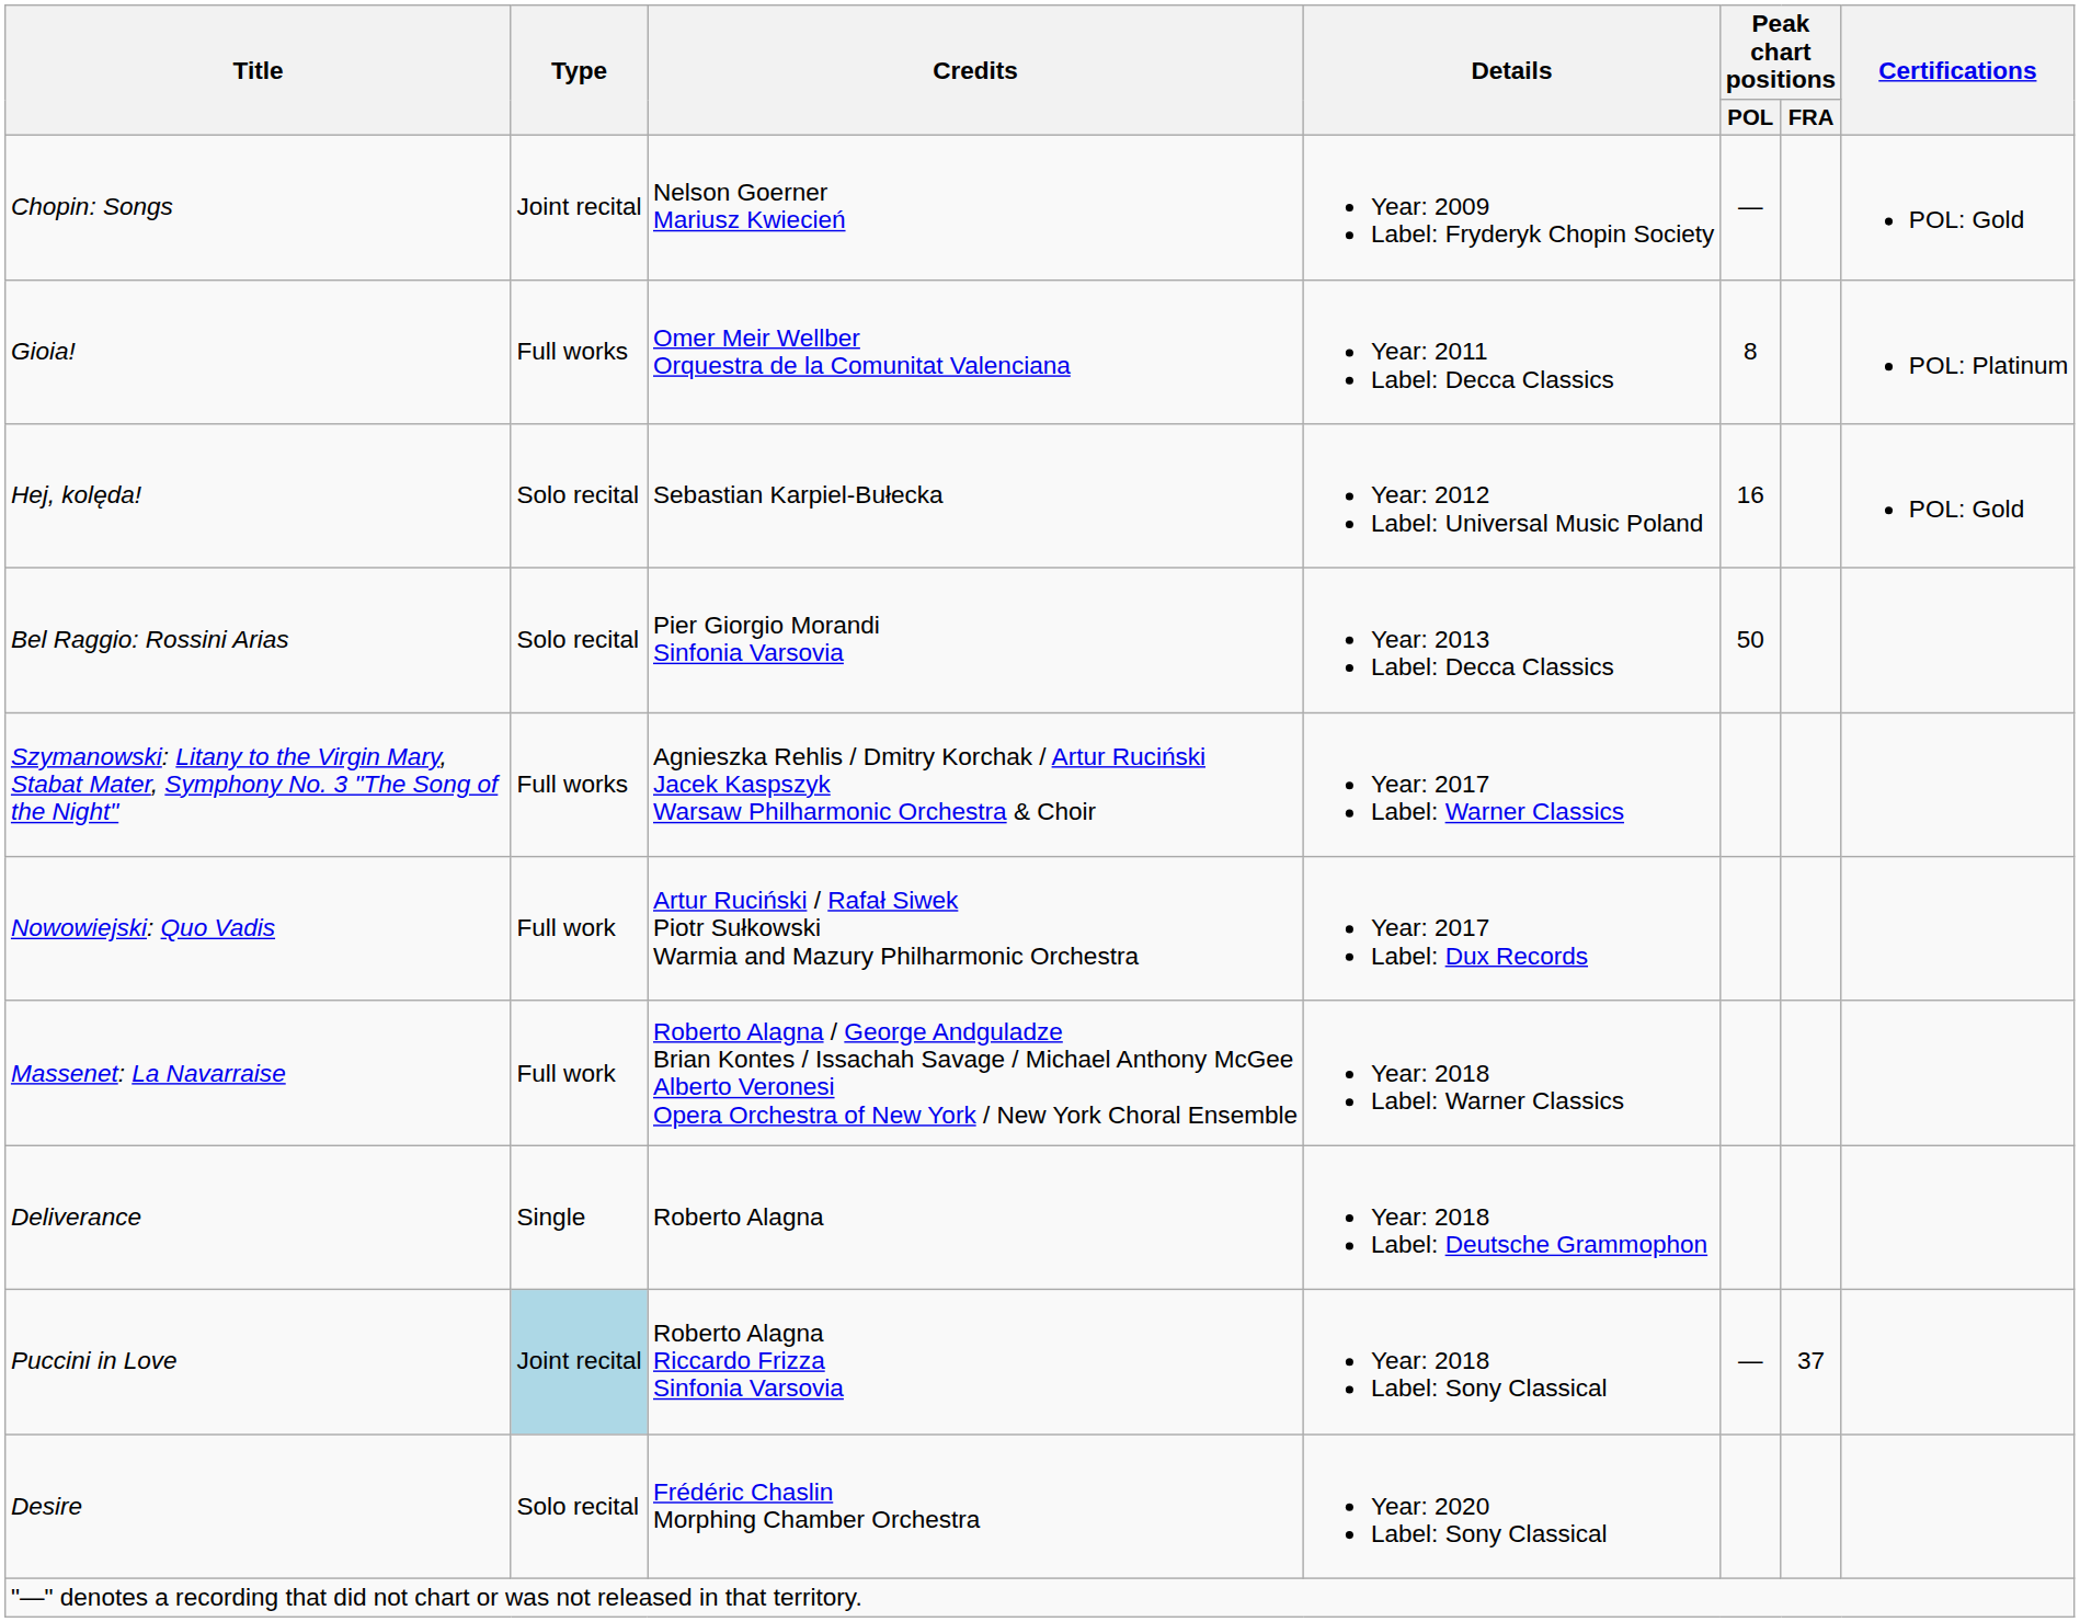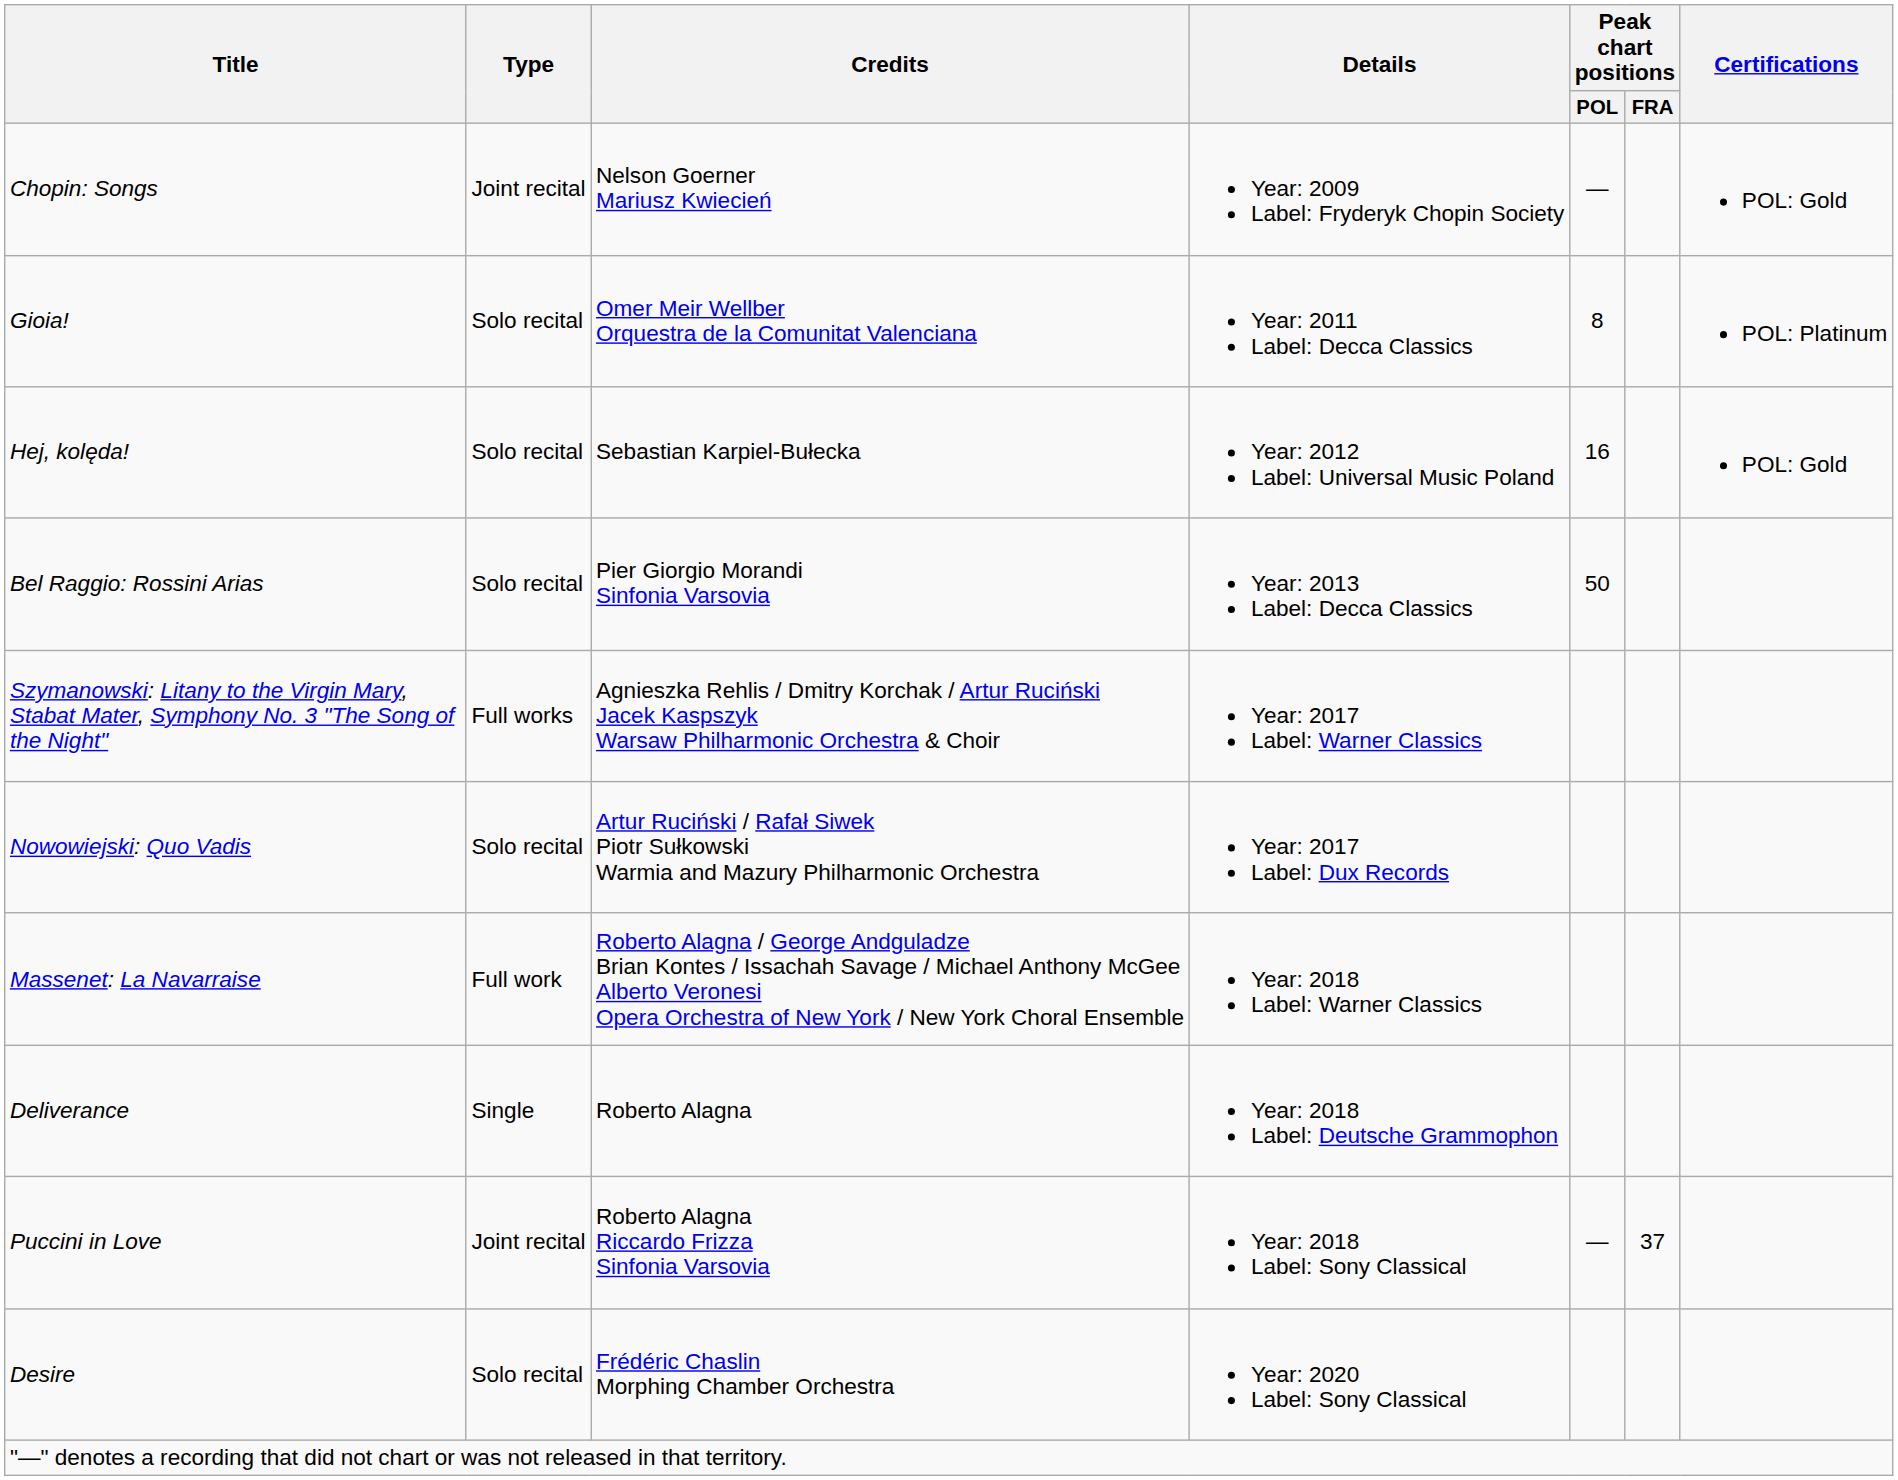 <table class="wikitable plainrowheaders">
 <tr>
 <th scope="col" rowspan="2" style="width:20em">Title</th>
 <th scope="col" rowspan="2">Type</th>
 <th scope="col" rowspan="2">Credits</th>
 <th scope="col" rowspan="2">Details</th>
 <th scope="col" colspan="2">Peak chart positions</th>
 <th scope="col" rowspan="2"><a href='#'>Certifications</a></th>
 </tr>
 <tr>
 <th scope="col" style="width:2.2em;font-size:90%;">POL</th>
 <th scope="col" style="width:2.2em;font-size:90%;">FRA</th>
 </tr>
 <tr>
 <td><em>Chopin: Songs</em></td>
 <td>Joint recital</td>
 <td>Nelson Goerner<br><a href='#'>Mariusz Kwiecień</a></td>
 <td><br><ul><li>Year: 2009</li><li>Label: Fryderyk Chopin Society</li></ul></td>
 <td style="text-align: center">—</td>
 <td style="text-align: center"></td>
 <td><br><ul><li>POL: Gold</li></ul></td>
 </tr>
 <tr>
 <td><em>Gioia!</em></td>
-<td>Full works</td>
+<td>Solo recital</td>
 <td><a href='#'>Omer Meir Wellber</a><br><a href='#'>Orquestra de la Comunitat Valenciana</a></td>
 <td><br><ul><li>Year: 2011</li><li>Label: Decca Classics</li></ul></td>
 <td style="text-align: center">8</td>
 <td style="text-align: center"></td>
 <td><br><ul><li>POL: Platinum</li></ul></td>
 </tr>
 <tr>
 <td><em>Hej, kolęda!</em></td>
 <td>Solo recital</td>
 <td>Sebastian Karpiel-Bułecka</td>
 <td><br><ul><li>Year: 2012</li><li>Label: Universal Music Poland</li></ul></td>
 <td style="text-align: center">16</td>
 <td style="text-align: center"></td>
 <td><br><ul><li>POL: Gold</li></ul></td>
 </tr>
 <tr>
 <td><em>Bel Raggio: Rossini Arias</em></td>
 <td>Solo recital</td>
 <td>Pier Giorgio Morandi<br><a href='#'>Sinfonia Varsovia</a></td>
 <td><br><ul><li>Year: 2013</li><li>Label: Decca Classics</li></ul></td>
 <td style="text-align: center">50</td>
 <td style="text-align: center"></td>
 <td></td>
 </tr>
 <tr>
 <td><em><a href='#'>Szymanowski</a>: <a href='#'>Litany to the Virgin Mary</a>, <a href='#'>Stabat Mater</a>, <a href='#'>Symphony No. 3 "The Song of the Night"</a></em></td>
 <td>Full works</td>
 <td>Agnieszka Rehlis / Dmitry Korchak / <a href='#'>Artur Ruciński</a><br><a href='#'>Jacek Kaspszyk</a><br><a href='#'>Warsaw Philharmonic Orchestra</a> & Choir</td>
 <td><br><ul><li>Year: 2017</li><li>Label: <a href='#'>Warner Classics</a></li></ul></td>
 <td style="text-align: center"></td>
 <td style="text-align: center"></td>
 <td></td>
 </tr>
 <tr>
 <td><em><a href='#'>Nowowiejski</a>: <a href='#'>Quo Vadis</a></em></td>
-<td>Full work</td>
+<td>Solo recital</td>
 <td><a href='#'>Artur Ruciński</a> / <a href='#'>Rafał Siwek</a><br>Piotr Sułkowski<br>Warmia and Mazury Philharmonic Orchestra</td>
 <td><br><ul><li>Year: 2017</li><li>Label: <a href='#'>Dux Records</a></li></ul></td>
 <td style="text-align: center"></td>
 <td style="text-align: center"></td>
 <td></td>
 </tr>
 <tr>
 <td><em><a href='#'>Massenet</a>: <a href='#'>La Navarraise</a></em></td>
 <td>Full work</td>
 <td><a href='#'>Roberto Alagna</a> / <a href='#'>George Andguladze</a><br>Brian Kontes / Issachah Savage / Michael Anthony McGee<br><a href='#'>Alberto Veronesi</a><br><a href='#'>Opera Orchestra of New York</a> / New York Choral Ensemble</td>
 <td><br><ul><li>Year: 2018</li><li>Label: Warner Classics</li></ul></td>
 <td style="text-align: center"></td>
 <td style="text-align: center"></td>
 <td></td>
 </tr>
 <tr>
 <td><em>Deliverance</em></td>
 <td>Single</td>
 <td>Roberto Alagna</td>
 <td><br><ul><li>Year: 2018</li><li>Label: <a href='#'>Deutsche Grammophon</a></li></ul></td>
 <td style="text-align: center"></td>
 <td style="text-align: center"></td>
 <td></td>
 </tr>
 <tr>
 <td><em>Puccini in Love</em></td>
-<td style="background: lightblue;">Joint recital</td>
+<td>Joint recital</td>
 <td>Roberto Alagna<br><a href='#'>Riccardo Frizza</a><br><a href='#'>Sinfonia Varsovia</a></td>
 <td><br><ul><li>Year: 2018</li><li>Label: Sony Classical</li></ul></td>
 <td style="text-align: center">—</td>
 <td style="text-align: center">37</td>
 <td></td>
 </tr>
 <tr>
 <td><em>Desire</em></td>
 <td>Solo recital</td>
 <td><a href='#'>Frédéric Chaslin</a><br>Morphing Chamber Orchestra</td>
 <td><br><ul><li>Year: 2020</li><li>Label: Sony Classical</li></ul></td>
 <td style="text-align: center"></td>
 <td style="text-align: center"></td>
 <td></td>
 </tr>
 <tr>
 <td colspan="19">"—" denotes a recording that did not chart or was not released in that territory.</td>
 </tr>
 </table>
